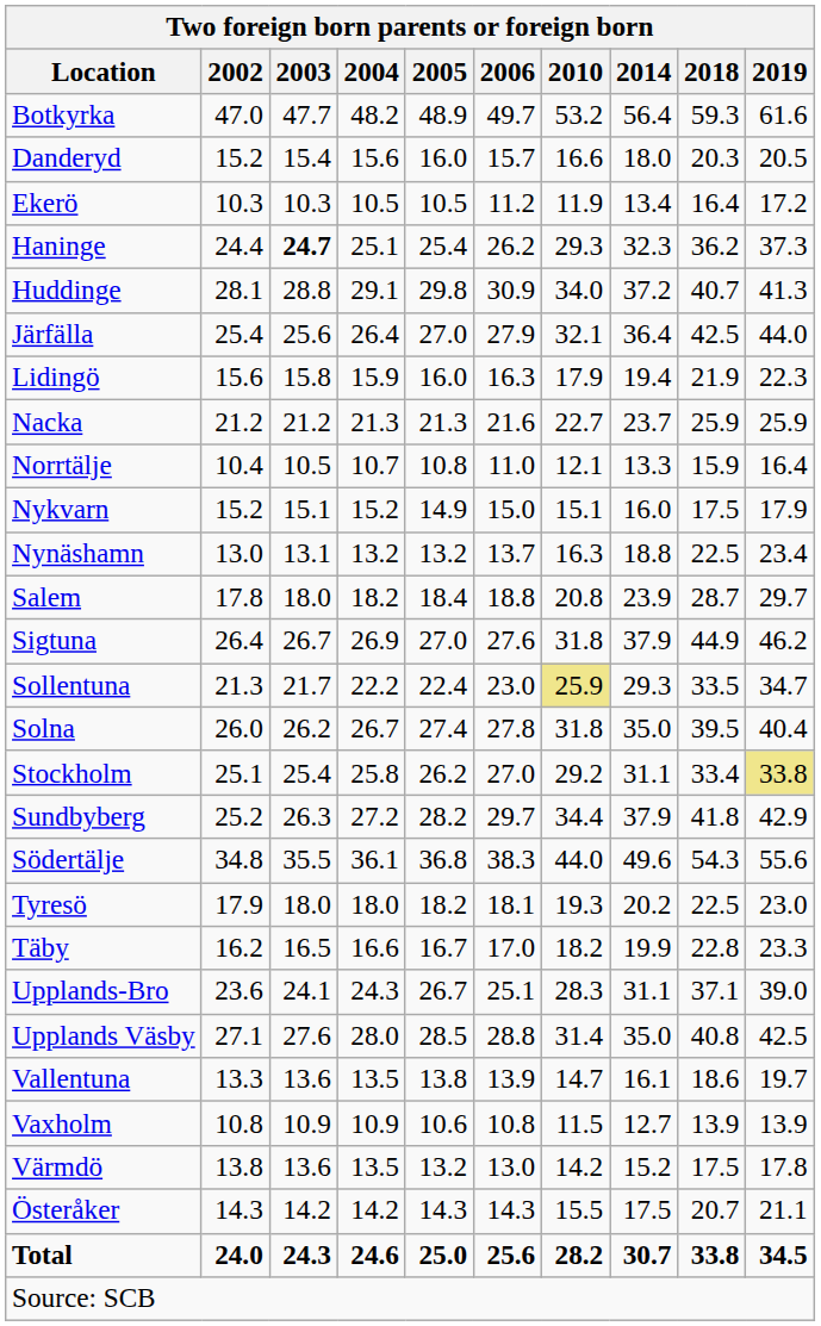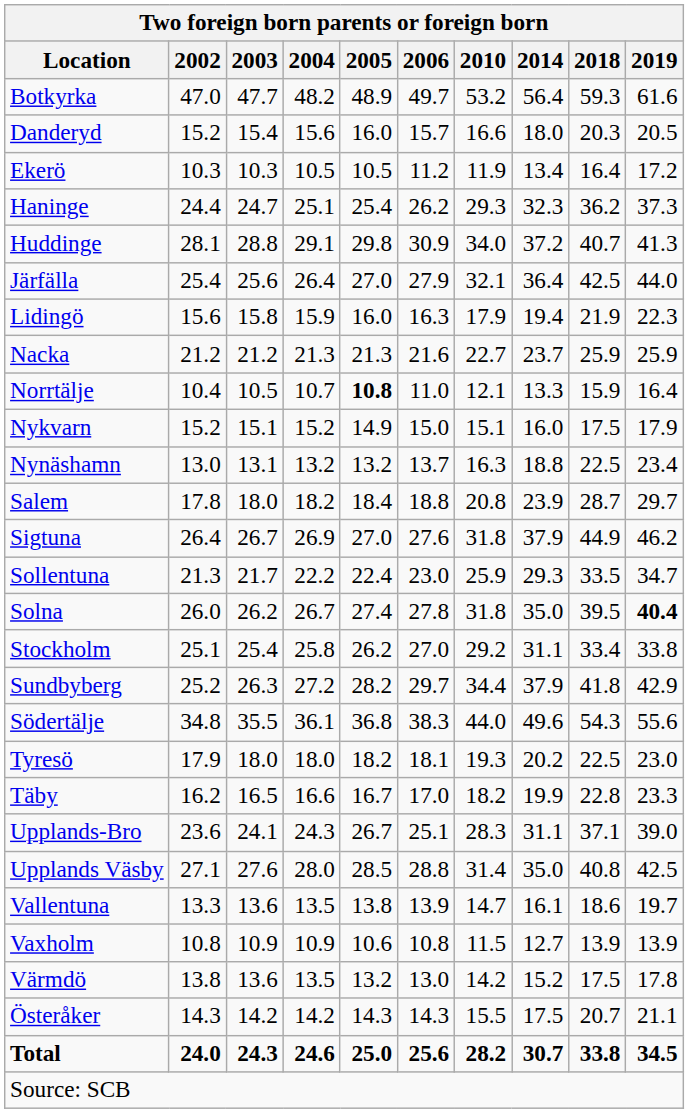 <table class="wikitable sortable mw-collapsible mw-collapsed" style="text-align:right">
 <tr>
 <th colspan="10">Two foreign born parents or foreign born</th>
 </tr>
 <tr>
 <th>Location</th>
 <th>2002</th>
 <th>2003</th>
 <th>2004</th>
 <th>2005</th>
 <th>2006</th>
 <th>2010</th>
 <th>2014</th>
 <th>2018</th>
 <th>2019</th>
 </tr>
 <tr>
 <td align=left><a href='#'>Botkyrka</a></td>
 <td>47.0</td>
 <td>47.7</td>
 <td>48.2</td>
 <td>48.9</td>
 <td>49.7</td>
 <td>53.2</td>
 <td>56.4</td>
 <td>59.3</td>
 <td>61.6</td>
 </tr>
 <tr>
 <td align=left><a href='#'>Danderyd</a></td>
 <td>15.2</td>
 <td>15.4</td>
 <td>15.6</td>
 <td>16.0</td>
 <td>15.7</td>
 <td>16.6</td>
 <td>18.0</td>
 <td>20.3</td>
 <td>20.5</td>
 </tr>
 <tr>
 <td align=left><a href='#'>Ekerö</a></td>
 <td>10.3</td>
 <td>10.3</td>
 <td>10.5</td>
 <td>10.5</td>
 <td>11.2</td>
 <td>11.9</td>
 <td>13.4</td>
 <td>16.4</td>
 <td>17.2</td>
 </tr>
 <tr>
 <td align=left><a href='#'>Haninge</a></td>
 <td>24.4</td>
-<td><strong>24.7</strong></td>
+<td>24.7</td>
 <td>25.1</td>
 <td>25.4</td>
 <td>26.2</td>
 <td>29.3</td>
 <td>32.3</td>
 <td>36.2</td>
 <td>37.3</td>
 </tr>
 <tr>
 <td align=left><a href='#'>Huddinge</a></td>
 <td>28.1</td>
 <td>28.8</td>
 <td>29.1</td>
 <td>29.8</td>
 <td>30.9</td>
 <td>34.0</td>
 <td>37.2</td>
 <td>40.7</td>
 <td>41.3</td>
 </tr>
 <tr>
 <td align=left><a href='#'>Järfälla</a></td>
 <td>25.4</td>
 <td>25.6</td>
 <td>26.4</td>
 <td>27.0</td>
 <td>27.9</td>
 <td>32.1</td>
 <td>36.4</td>
 <td>42.5</td>
 <td>44.0</td>
 </tr>
 <tr>
 <td align=left><a href='#'>Lidingö</a></td>
 <td>15.6</td>
 <td>15.8</td>
 <td>15.9</td>
 <td>16.0</td>
 <td>16.3</td>
 <td>17.9</td>
 <td>19.4</td>
 <td>21.9</td>
 <td>22.3</td>
 </tr>
 <tr>
 <td align=left><a href='#'>Nacka</a></td>
 <td>21.2</td>
 <td>21.2</td>
 <td>21.3</td>
 <td>21.3</td>
 <td>21.6</td>
 <td>22.7</td>
 <td>23.7</td>
 <td>25.9</td>
 <td>25.9</td>
 </tr>
 <tr>
 <td align=left><a href='#'>Norrtälje</a></td>
 <td>10.4</td>
 <td>10.5</td>
 <td>10.7</td>
-<td>10.8</td>
+<td><strong>10.8</strong></td>
 <td>11.0</td>
 <td>12.1</td>
 <td>13.3</td>
 <td>15.9</td>
 <td>16.4</td>
 </tr>
 <tr>
 <td align=left><a href='#'>Nykvarn</a></td>
 <td>15.2</td>
 <td>15.1</td>
 <td>15.2</td>
 <td>14.9</td>
 <td>15.0</td>
 <td>15.1</td>
 <td>16.0</td>
 <td>17.5</td>
 <td>17.9</td>
 </tr>
 <tr>
 <td align=left><a href='#'>Nynäshamn</a></td>
 <td>13.0</td>
 <td>13.1</td>
 <td>13.2</td>
 <td>13.2</td>
 <td>13.7</td>
 <td>16.3</td>
 <td>18.8</td>
 <td>22.5</td>
 <td>23.4</td>
 </tr>
 <tr>
 <td align=left><a href='#'>Salem</a></td>
 <td>17.8</td>
 <td>18.0</td>
 <td>18.2</td>
 <td>18.4</td>
 <td>18.8</td>
 <td>20.8</td>
 <td>23.9</td>
 <td>28.7</td>
 <td>29.7</td>
 </tr>
 <tr>
 <td align=left><a href='#'>Sigtuna</a></td>
 <td>26.4</td>
 <td>26.7</td>
 <td>26.9</td>
 <td>27.0</td>
 <td>27.6</td>
 <td>31.8</td>
 <td>37.9</td>
 <td>44.9</td>
 <td>46.2</td>
 </tr>
 <tr>
 <td align=left><a href='#'>Sollentuna</a></td>
 <td>21.3</td>
 <td>21.7</td>
 <td>22.2</td>
 <td>22.4</td>
 <td>23.0</td>
-<td style="background: khaki;">25.9</td>
+<td>25.9</td>
 <td>29.3</td>
 <td>33.5</td>
 <td>34.7</td>
 </tr>
 <tr>
 <td align=left><a href='#'>Solna</a></td>
 <td>26.0</td>
 <td>26.2</td>
 <td>26.7</td>
 <td>27.4</td>
 <td>27.8</td>
 <td>31.8</td>
 <td>35.0</td>
 <td>39.5</td>
-<td>40.4</td>
+<td><strong>40.4</strong></td>
 </tr>
 <tr>
 <td align=left><a href='#'>Stockholm</a></td>
 <td>25.1</td>
 <td>25.4</td>
 <td>25.8</td>
 <td>26.2</td>
 <td>27.0</td>
 <td>29.2</td>
 <td>31.1</td>
 <td>33.4</td>
-<td style="background: khaki;">33.8</td>
+<td>33.8</td>
 </tr>
 <tr>
 <td align=left><a href='#'>Sundbyberg</a></td>
 <td>25.2</td>
 <td>26.3</td>
 <td>27.2</td>
 <td>28.2</td>
 <td>29.7</td>
 <td>34.4</td>
 <td>37.9</td>
 <td>41.8</td>
 <td>42.9</td>
 </tr>
 <tr>
 <td align=left><a href='#'>Södertälje</a></td>
 <td>34.8</td>
 <td>35.5</td>
 <td>36.1</td>
 <td>36.8</td>
 <td>38.3</td>
 <td>44.0</td>
 <td>49.6</td>
 <td>54.3</td>
 <td>55.6</td>
 </tr>
 <tr>
 <td align=left><a href='#'>Tyresö</a></td>
 <td>17.9</td>
 <td>18.0</td>
 <td>18.0</td>
 <td>18.2</td>
 <td>18.1</td>
 <td>19.3</td>
 <td>20.2</td>
 <td>22.5</td>
 <td>23.0</td>
 </tr>
 <tr>
 <td align=left><a href='#'>Täby</a></td>
 <td>16.2</td>
 <td>16.5</td>
 <td>16.6</td>
 <td>16.7</td>
 <td>17.0</td>
 <td>18.2</td>
 <td>19.9</td>
 <td>22.8</td>
 <td>23.3</td>
 </tr>
 <tr>
 <td align=left><a href='#'>Upplands-Bro</a></td>
 <td>23.6</td>
 <td>24.1</td>
 <td>24.3</td>
 <td>26.7</td>
 <td>25.1</td>
 <td>28.3</td>
 <td>31.1</td>
 <td>37.1</td>
 <td>39.0</td>
 </tr>
 <tr>
 <td align=left><a href='#'>Upplands Väsby</a></td>
 <td>27.1</td>
 <td>27.6</td>
 <td>28.0</td>
 <td>28.5</td>
 <td>28.8</td>
 <td>31.4</td>
 <td>35.0</td>
 <td>40.8</td>
 <td>42.5</td>
 </tr>
 <tr>
 <td align=left><a href='#'>Vallentuna</a></td>
 <td>13.3</td>
 <td>13.6</td>
 <td>13.5</td>
 <td>13.8</td>
 <td>13.9</td>
 <td>14.7</td>
 <td>16.1</td>
 <td>18.6</td>
 <td>19.7</td>
 </tr>
 <tr>
 <td align=left><a href='#'>Vaxholm</a></td>
 <td>10.8</td>
 <td>10.9</td>
 <td>10.9</td>
 <td>10.6</td>
 <td>10.8</td>
 <td>11.5</td>
 <td>12.7</td>
 <td>13.9</td>
 <td>13.9</td>
 </tr>
 <tr>
 <td align=left><a href='#'>Värmdö</a></td>
 <td>13.8</td>
 <td>13.6</td>
 <td>13.5</td>
 <td>13.2</td>
 <td>13.0</td>
 <td>14.2</td>
 <td>15.2</td>
 <td>17.5</td>
 <td>17.8</td>
 </tr>
 <tr>
 <td align=left><a href='#'>Österåker</a></td>
 <td>14.3</td>
 <td>14.2</td>
 <td>14.2</td>
 <td>14.3</td>
 <td>14.3</td>
 <td>15.5</td>
 <td>17.5</td>
 <td>20.7</td>
 <td>21.1</td>
 </tr>
 <tr>
 <td align=left><strong>Total</strong></td>
 <td><strong>24.0</strong></td>
 <td><strong>24.3</strong></td>
 <td><strong>24.6</strong></td>
 <td><strong>25.0</strong></td>
 <td><strong>25.6</strong></td>
 <td><strong>28.2</strong></td>
 <td><strong>30.7</strong></td>
 <td><strong>33.8</strong></td>
 <td><strong>34.5</strong></td>
 </tr>
 <tr>
 <td align=left colspan=10>Source: SCB </td>
 </tr>
 </table>
